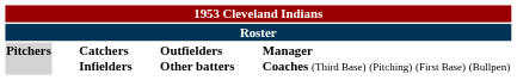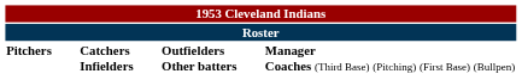 <table class="toccolours" style="font-size: 95%;">
 <tr>
 <th colspan="10" style="background-color: #990000; color: white; text-align: center;">1953 Cleveland Indians</th>
 </tr>
 <tr>
 <td colspan="10" style="background-color: #023456; color: white; text-align: center;"><strong>Roster</strong></td>
 </tr>
 <tr>
-<td valign="top" style="background: lightgrey;"><strong>Pitchers</strong><br>            </td>
+<td valign="top"><strong>Pitchers</strong><br>            </td>
 <td width="25px"></td>
 <td valign="top"><strong>Catchers</strong><br>     <strong>Infielders</strong>        </td>
 <td width="25px"></td>
 <td valign="top"><strong>Outfielders</strong><br>       <strong>Other batters</strong>  </td>
 <td width="25px"></td>
 <td valign="top"><strong>Manager</strong><br> <strong>Coaches</strong>  <small>(Third Base)</small>  <small>(Pitching)</small>  <small>(First Base)</small> <small>(Bullpen)</small></td>
 </tr>
 </table>
